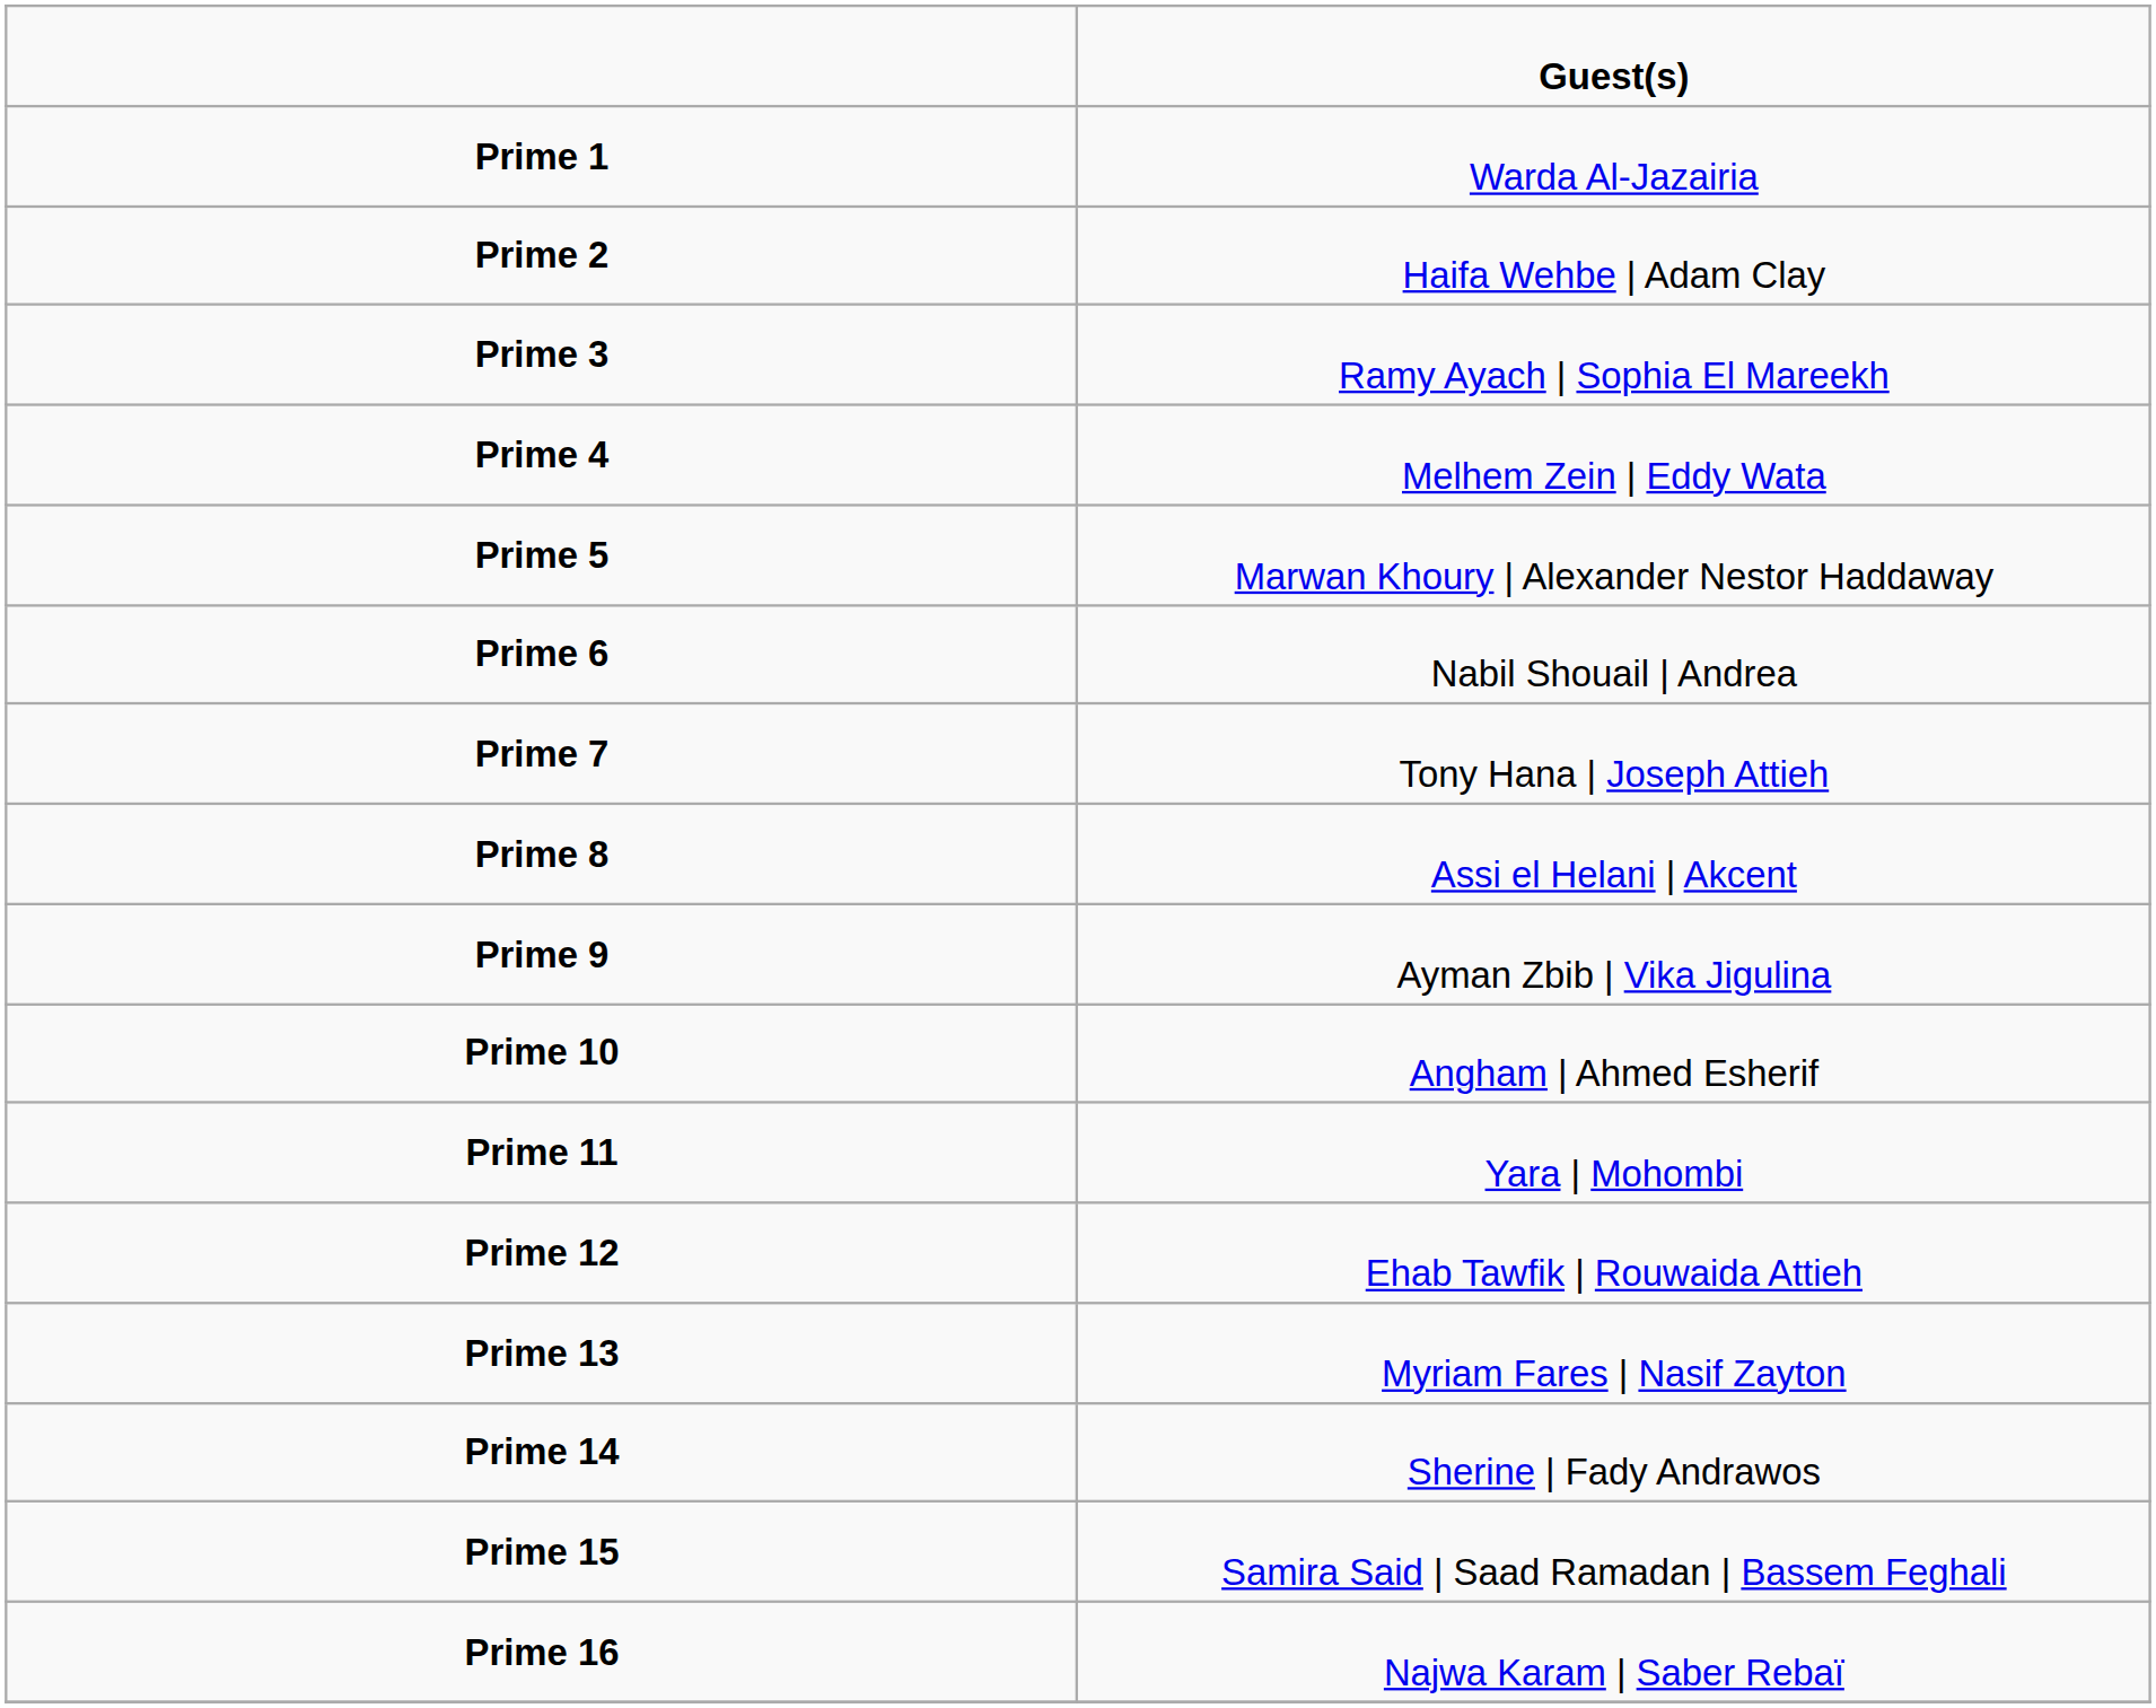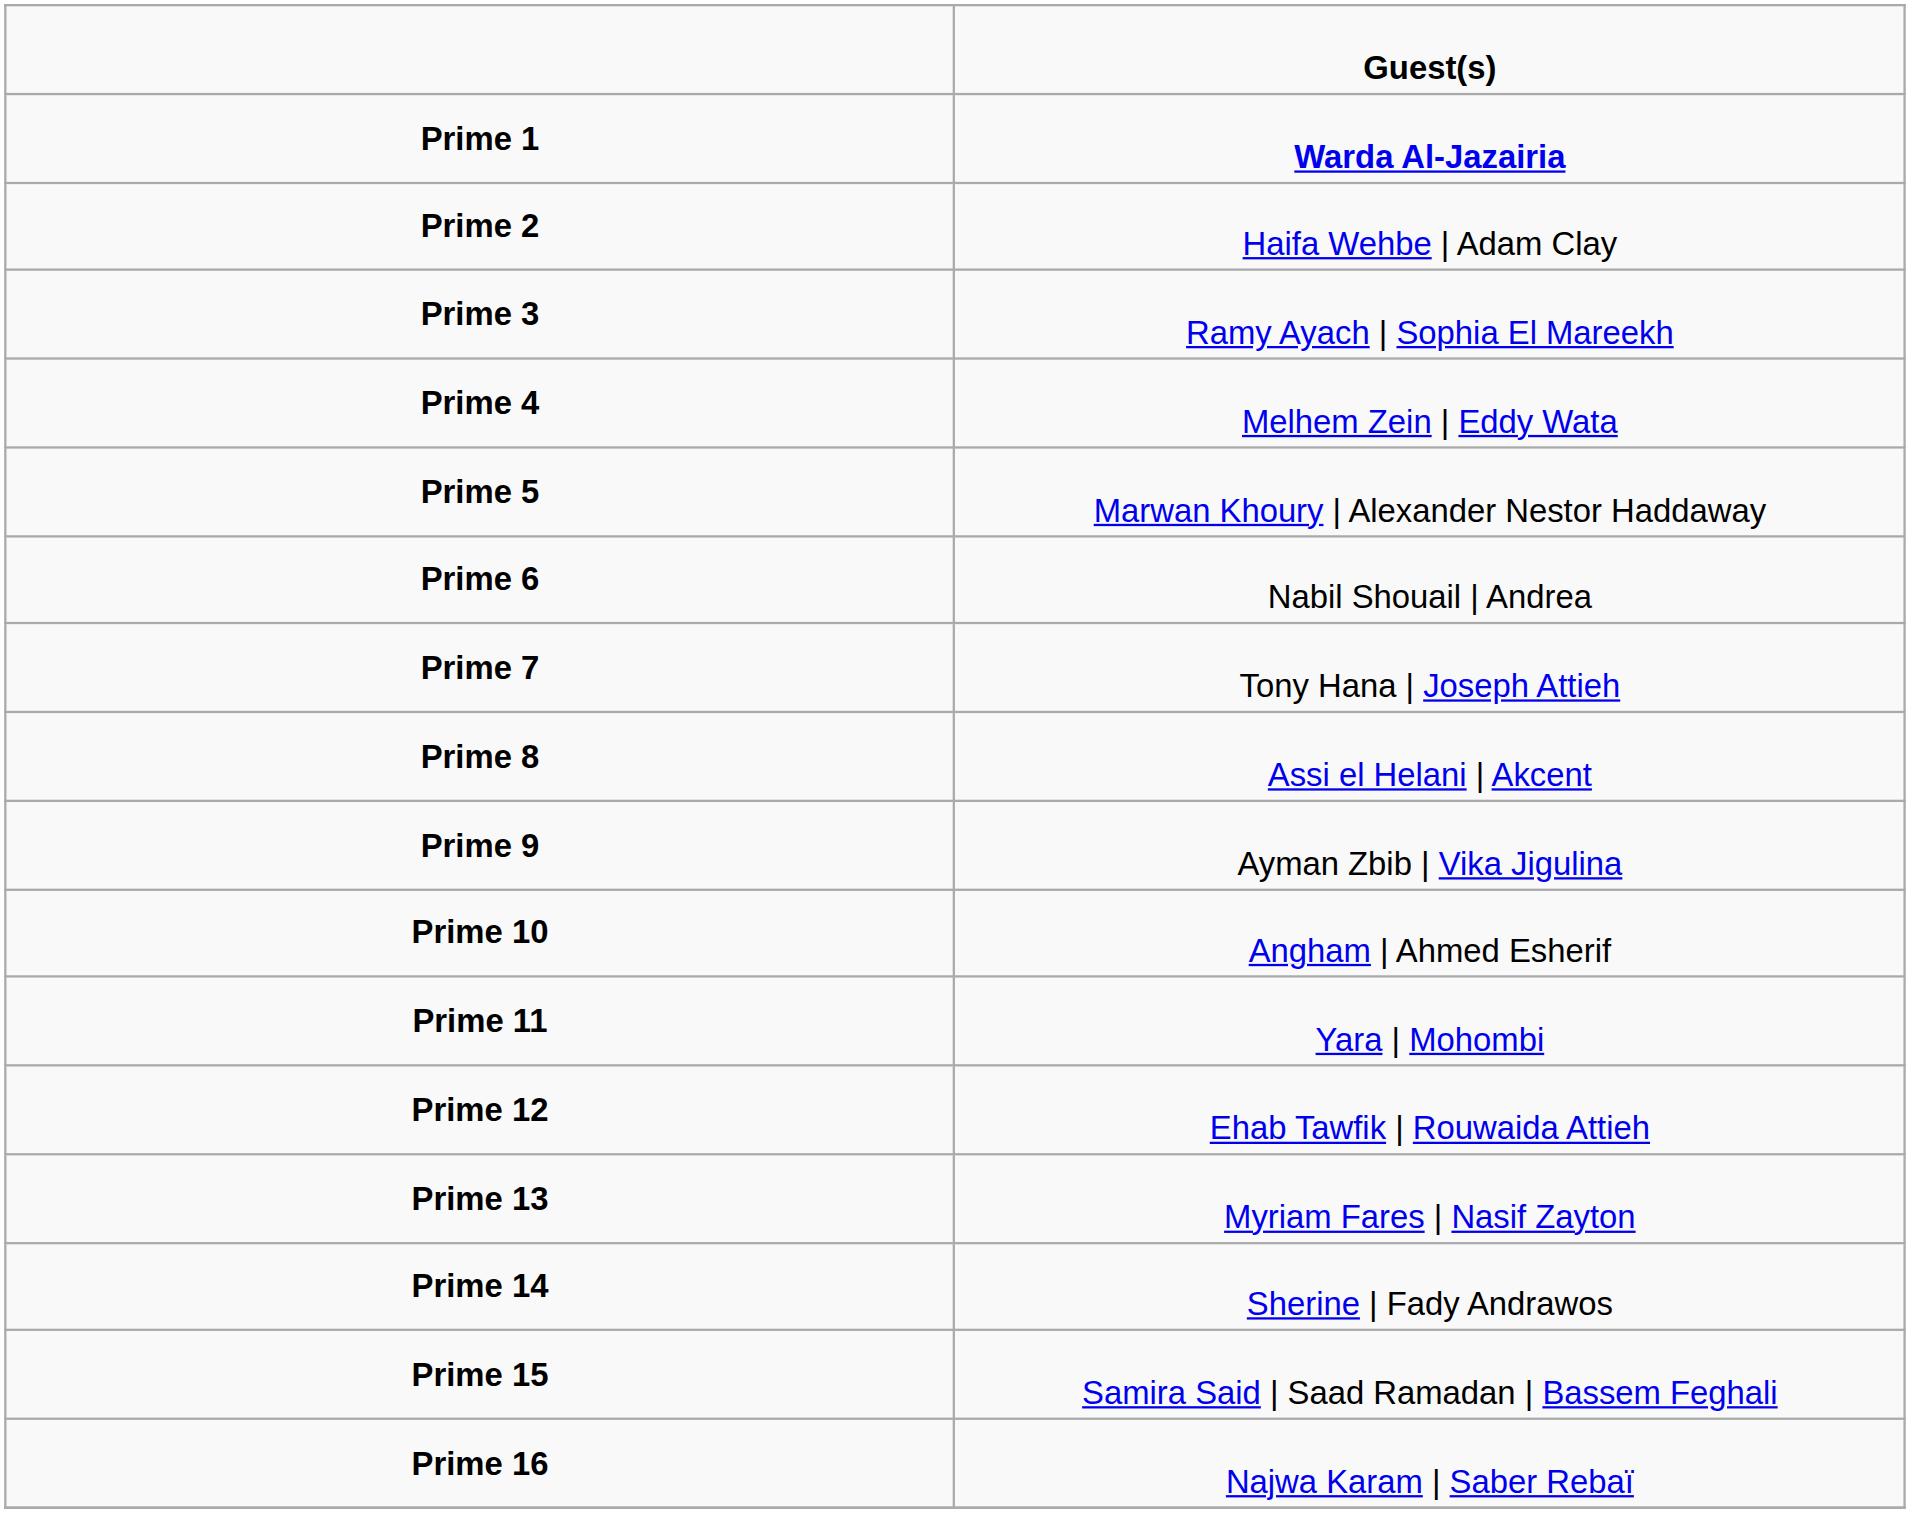 <table class="wikitable" style="font-size:90%; text-align:center; width: 66%; margin-left: auto;table-layout:fixed; margin-right: auto;">
 <tr>
 <td></td>
 <td><br><strong>Guest(s)</strong></td>
 </tr>
 <tr>
 <td><strong>Prime 1</strong></td>
-<td><br><a href='#'>Warda Al-Jazairia</a></td>
+<td><strong><br><a href='#'>Warda Al-Jazairia</a></strong></td>
 </tr>
 <tr>
 <td><strong>Prime 2</strong></td>
 <td><br><a href='#'>Haifa Wehbe</a> | Adam Clay</td>
 </tr>
 <tr>
 <td><strong>Prime 3</strong></td>
 <td><br><a href='#'>Ramy Ayach</a> | <a href='#'>Sophia El Mareekh</a></td>
 </tr>
 <tr>
 <td><strong>Prime 4</strong></td>
 <td><br><a href='#'>Melhem Zein</a> | <a href='#'>Eddy Wata</a></td>
 </tr>
 <tr>
 <td><strong>Prime 5</strong></td>
 <td><br><a href='#'>Marwan Khoury</a> | Alexander Nestor Haddaway</td>
 </tr>
 <tr>
 <td><strong>Prime 6</strong></td>
 <td><br>Nabil Shouail | Andrea</td>
 </tr>
 <tr>
 <td><strong>Prime 7</strong></td>
 <td><br>Tony Hana | <a href='#'>Joseph Attieh</a></td>
 </tr>
 <tr>
 <td><strong>Prime 8</strong></td>
 <td><br><a href='#'>Assi el Helani</a> | <a href='#'>Akcent</a></td>
 </tr>
 <tr>
 <td><strong>Prime 9</strong></td>
 <td><br>Ayman Zbib | <a href='#'>Vika Jigulina</a></td>
 </tr>
 <tr>
 <td><strong>Prime 10</strong></td>
 <td><br><a href='#'>Angham</a> | Ahmed Esherif</td>
 </tr>
 <tr>
 <td><strong>Prime 11</strong></td>
 <td><br><a href='#'>Yara</a> | <a href='#'>Mohombi</a></td>
 </tr>
 <tr>
 <td><strong>Prime 12</strong></td>
 <td><br><a href='#'>Ehab Tawfik</a> | <a href='#'>Rouwaida Attieh</a></td>
 </tr>
 <tr>
 <td><strong>Prime 13</strong></td>
 <td><br><a href='#'>Myriam Fares</a> | <a href='#'>Nasif Zayton</a></td>
 </tr>
 <tr>
 <td><strong>Prime 14</strong></td>
 <td><br><a href='#'>Sherine</a> | Fady Andrawos</td>
 </tr>
 <tr>
 <td><strong>Prime 15</strong></td>
 <td><br><a href='#'>Samira Said</a> | Saad Ramadan | <a href='#'>Bassem Feghali</a></td>
 </tr>
 <tr>
 <td><strong>Prime 16</strong></td>
 <td><br><a href='#'>Najwa Karam</a> | <a href='#'>Saber Rebaï</a></td>
 </tr>
 <tr>
 </tr>
 </table>
